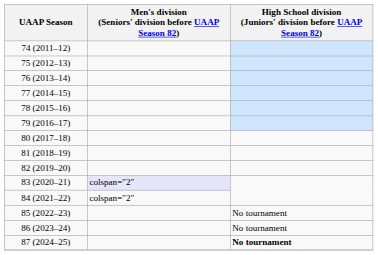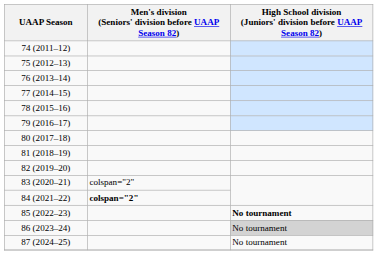 <table class="wikitable" style="font-size:90%;">
 <tr>
 <th width=125px>UAAP Season</th>
 <th width=220px>Men's division<br>(Seniors' division before <a href='#'>UAAP Season 82</a>)</th>
 <th width=220px>High School division<br>(Juniors' division before <a href='#'>UAAP Season 82</a>)</th>
 </tr>
 <tr>
 <td align=center>74 (2011–12)</td>
 <td></td>
 <td bgcolor="#D0E6FF"></td>
 </tr>
 <tr>
 <td align=center>75 (2012–13)</td>
 <td></td>
 <td bgcolor="#D0E6FF"></td>
 </tr>
 <tr>
 <td align=center>76 (2013–14)</td>
 <td></td>
 <td bgcolor="#D0E6FF"></td>
 </tr>
 <tr>
 <td align=center>77 (2014–15)</td>
 <td></td>
 <td bgcolor="#D0E6FF"></td>
 </tr>
 <tr>
 <td align=center>78 (2015–16)</td>
 <td></td>
 <td bgcolor="#D0E6FF"></td>
 </tr>
 <tr>
 <td align=center>79 (2016–17)</td>
 <td></td>
 <td bgcolor="#D0E6FF"></td>
 </tr>
 <tr>
 <td align=center>80 (2017–18)</td>
 <td></td>
 <td></td>
 </tr>
 <tr>
 <td align=center>81 (2018–19)</td>
 <td></td>
 <td></td>
 </tr>
 <tr>
 <td align=center>82 (2019–20)</td>
 <td></td>
 <td></td>
 </tr>
 <tr>
 <td align=center>83 (2020–21)</td>
-<td style="background: lavender;">colspan="2" </td>
+<td>colspan="2" </td>
 </tr>
 <tr>
 <td align=center>84 (2021–22)</td>
-<td>colspan="2" </td>
+<td><strong>colspan="2" </strong></td>
 </tr>
 <tr>
 <td align=center>85 (2022–23)</td>
 <td></td>
-<td>No tournament</td>
+<td><strong>No tournament</strong></td>
 </tr>
 <tr>
 <td align=center>86 (2023–24)</td>
 <td></td>
-<td>No tournament</td>
+<td style="background: lightgrey;">No tournament</td>
 </tr>
 <tr>
 <td align=center>87 (2024–25)</td>
 <td></td>
-<td><strong>No tournament</strong></td>
+<td>No tournament</td>
 </tr>
 <tr>
 </tr>
 </table>
